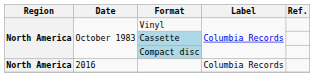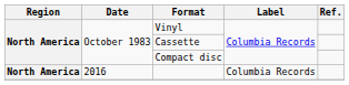 <table class="wikitable plainrowheaders">
 <tr>
 <th scope="col">Region</th>
 <th scope="col">Date</th>
 <th scope="col">Format</th>
 <th scope="col">Label</th>
 <th scope="col">Ref.</th>
 </tr>
 <tr>
 <th scope="row" rowspan="3">North America</th>
 <td rowspan="3">October 1983</td>
 <td>Vinyl</td>
 <td rowspan="3"><a href='#'>Columbia Records</a></td>
 <td></td>
 </tr>
 <tr>
-<td style="background: lightblue;">Cassette</td>
+<td>Cassette</td>
 <td></td>
 </tr>
 <tr>
-<td style="background: lightblue;">Compact disc</td>
+<td>Compact disc</td>
 <td></td>
 </tr>
 <tr>
 <th scope="row">North America</th>
 <td>2016</td>
 <td></td>
 <td>Columbia Records</td>
 <td></td>
 </tr>
 <tr>
 </tr>
 </table>
